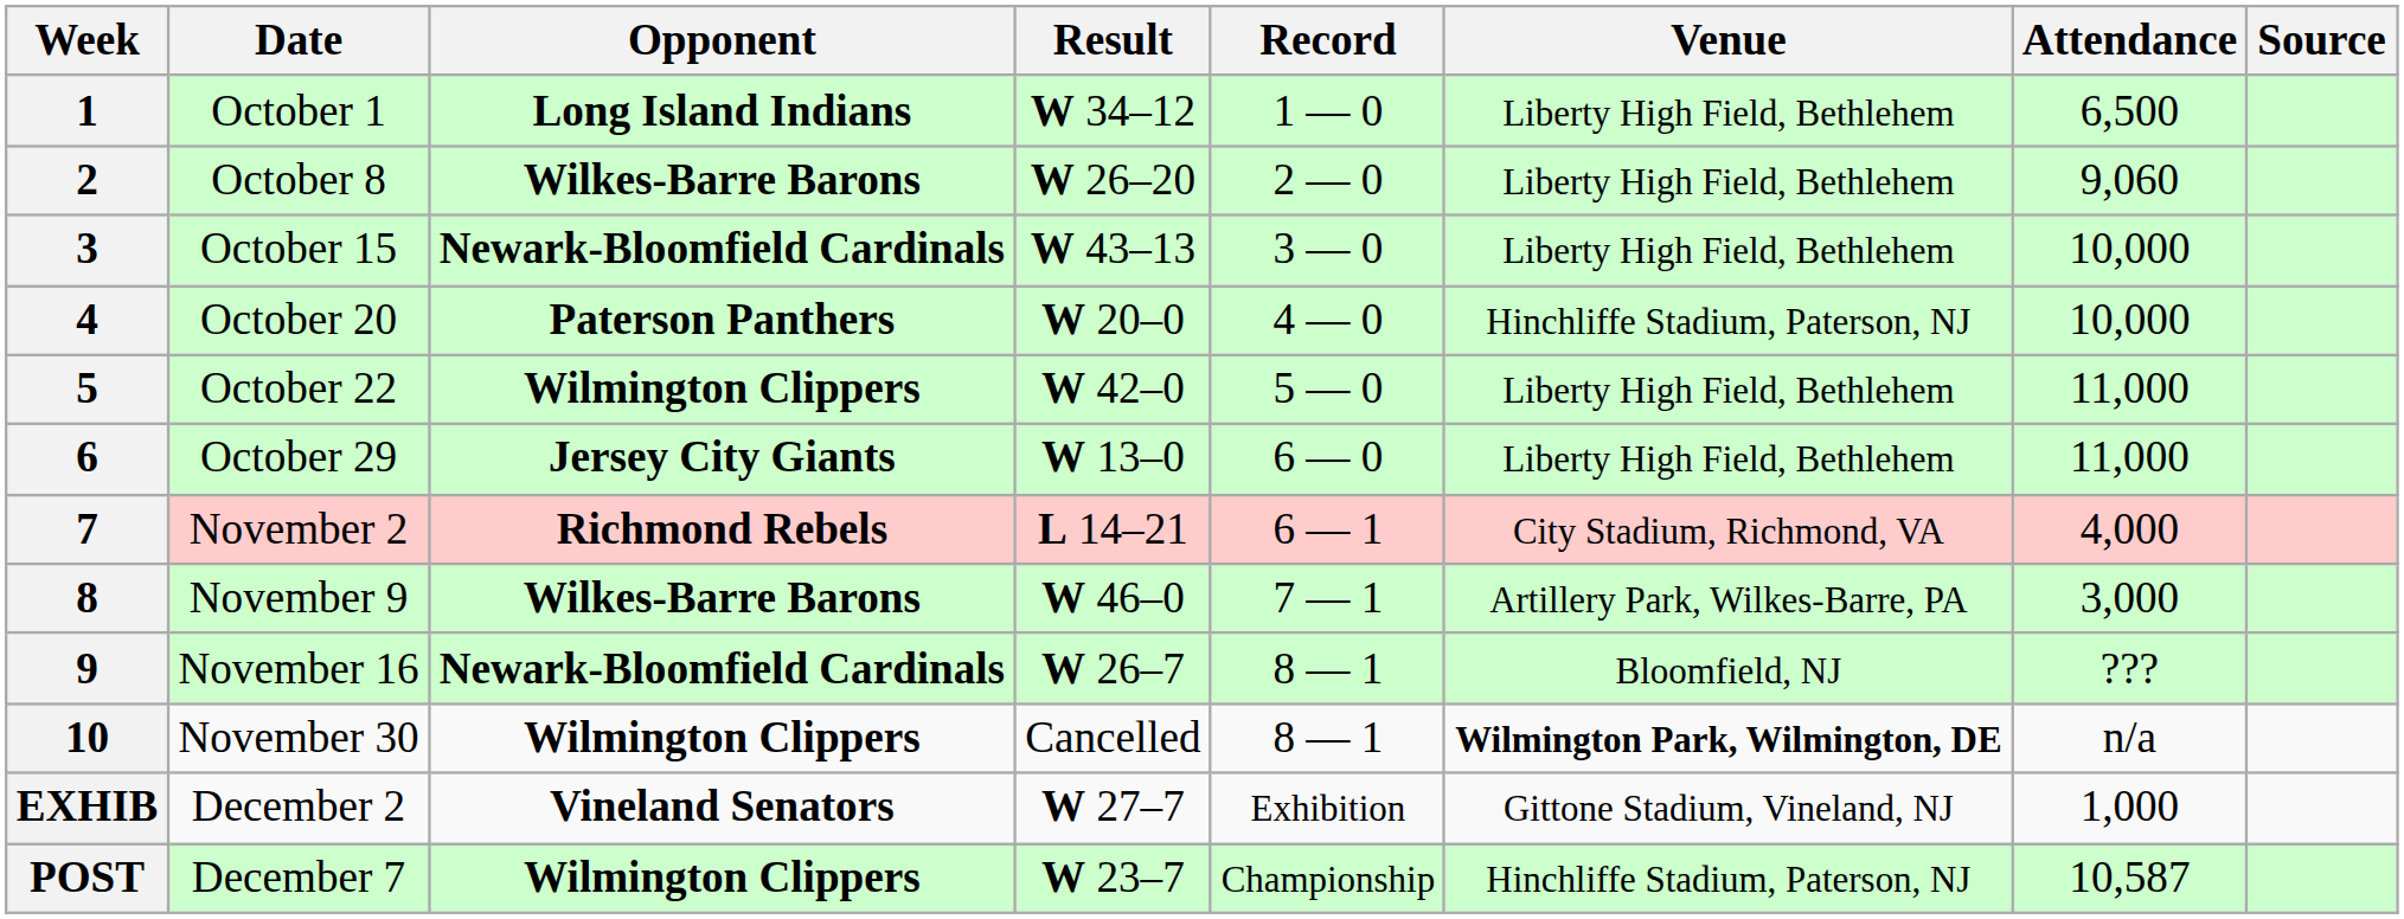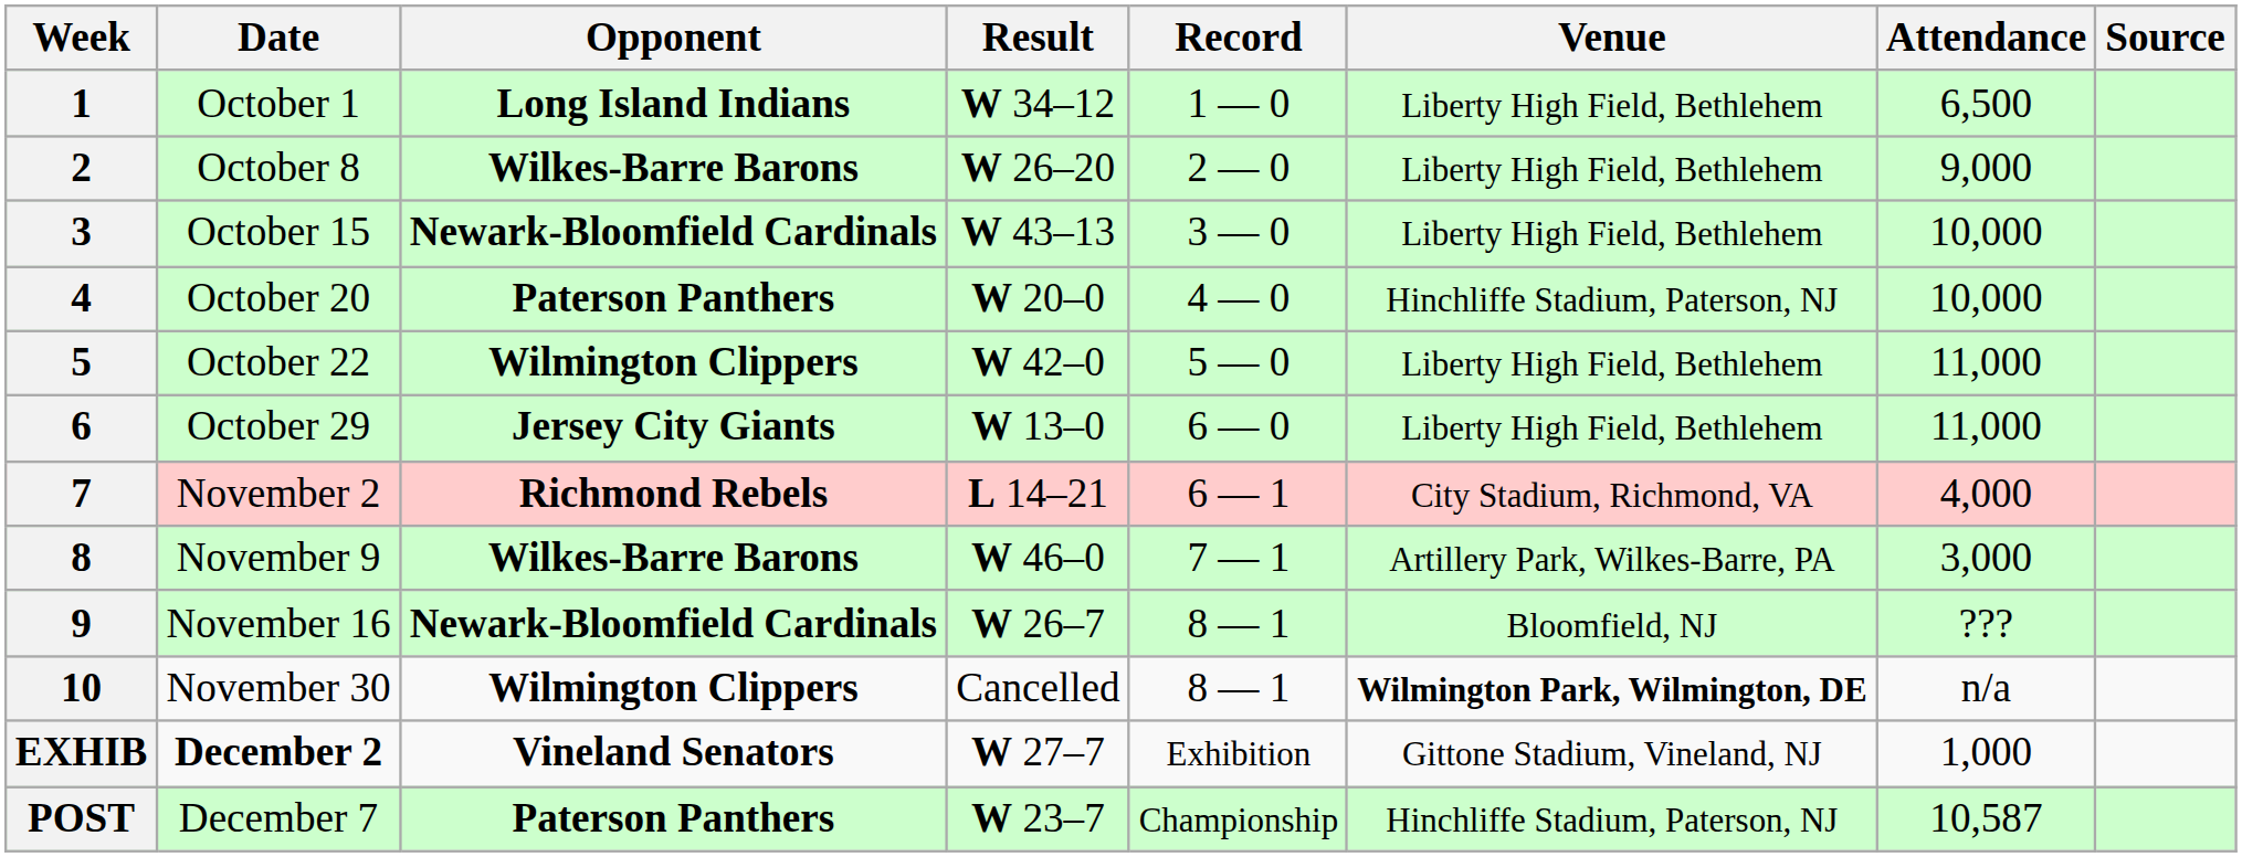 <table class="wikitable" style="text-align:center">
 <tr>
 <th>Week</th>
 <th>Date</th>
 <th>Opponent</th>
 <th>Result</th>
 <th>Record</th>
 <th>Venue</th>
 <th>Attendance</th>
 <th>Source</th>
 </tr>
 <tr style="background: #cfc;">
 <th>1</th>
 <td>October 1</td>
 <td><strong>Long Island Indians</strong></td>
 <td><strong>W</strong> 34–12</td>
 <td>1 — 0</td>
 <td><small>Liberty High Field, Bethlehem</small></td>
 <td>6,500</td>
 <td></td>
 </tr>
 <tr style="background: #cfc;">
 <th>2</th>
 <td>October 8</td>
 <td><strong>Wilkes-Barre Barons</strong></td>
 <td><strong>W</strong> 26–20</td>
 <td>2 — 0</td>
 <td><small>Liberty High Field, Bethlehem</small></td>
-<td>9,060</td>
+<td>9,000</td>
 <td></td>
 </tr>
 <tr style="background: #cfc;">
 <th>3</th>
 <td>October 15</td>
 <td><strong>Newark-Bloomfield Cardinals</strong></td>
 <td><strong>W</strong> 43–13</td>
 <td>3 — 0</td>
 <td><small>Liberty High Field, Bethlehem</small></td>
 <td>10,000</td>
 <td></td>
 </tr>
 <tr style="background: #cfc;">
 <th>4</th>
 <td>October 20</td>
 <td><strong>Paterson Panthers</strong></td>
 <td><strong>W</strong> 20–0</td>
 <td>4 — 0</td>
 <td><small>Hinchliffe Stadium, Paterson, NJ</small></td>
 <td>10,000</td>
 <td></td>
 </tr>
 <tr style="background: #cfc;">
 <th>5</th>
 <td>October 22</td>
 <td><strong>Wilmington Clippers</strong></td>
 <td><strong>W</strong> 42–0</td>
 <td>5 — 0</td>
 <td><small>Liberty High Field, Bethlehem</small></td>
 <td>11,000</td>
 <td></td>
 </tr>
 <tr style="background: #cfc;">
 <th>6</th>
 <td>October 29</td>
 <td><strong>Jersey City Giants</strong></td>
 <td><strong>W</strong> 13–0</td>
 <td>6 — 0</td>
 <td><small>Liberty High Field, Bethlehem</small></td>
 <td>11,000</td>
 <td></td>
 </tr>
 <tr style="background:#fcc">
 <th>7</th>
 <td>November 2</td>
 <td><strong>Richmond Rebels</strong></td>
 <td><strong>L</strong> 14–21</td>
 <td>6 — 1</td>
 <td><small>City Stadium, Richmond, VA</small></td>
 <td>4,000</td>
 <td></td>
 </tr>
 <tr style="background: #cfc;">
 <th>8</th>
 <td>November 9</td>
 <td><strong>Wilkes-Barre Barons</strong></td>
 <td><strong>W</strong> 46–0</td>
 <td>7 — 1</td>
 <td><small>Artillery Park, Wilkes-Barre, PA</small></td>
 <td>3,000</td>
 <td></td>
 </tr>
 <tr style="background: #cfc;">
 <th>9</th>
 <td>November 16</td>
 <td><strong>Newark-Bloomfield Cardinals</strong></td>
 <td><strong>W</strong> 26–7</td>
 <td>8 — 1</td>
 <td><small>Bloomfield, NJ</small></td>
 <td>???</td>
 <td></td>
 </tr>
 <tr style=>
 <th>10</th>
 <td>November 30</td>
 <td><strong>Wilmington Clippers</strong></td>
 <td>Cancelled</td>
 <td>8 — 1</td>
 <td><strong><small>Wilmington Park, Wilmington, DE</small></strong></td>
 <td>n/a</td>
 <td></td>
 </tr>
 <tr style=>
 <th>EXHIB</th>
-<td>December 2</td>
+<td><strong>December 2</strong></td>
 <td><strong>Vineland Senators</strong></td>
 <td><strong>W</strong> 27–7</td>
 <td><small>Exhibition</small></td>
 <td><small>Gittone Stadium, Vineland, NJ</small></td>
 <td>1,000</td>
 <td></td>
 </tr>
 <tr style="background: #cfc;">
 <th>POST</th>
 <td>December 7</td>
-<td><strong>Wilmington Clippers</strong></td>
+<td><strong>Paterson Panthers</strong></td>
 <td><strong>W</strong> 23–7</td>
 <td><small>Championship</small></td>
 <td><small>Hinchliffe Stadium, Paterson, NJ</small></td>
 <td>10,587</td>
 <td></td>
 </tr>
 </table>
